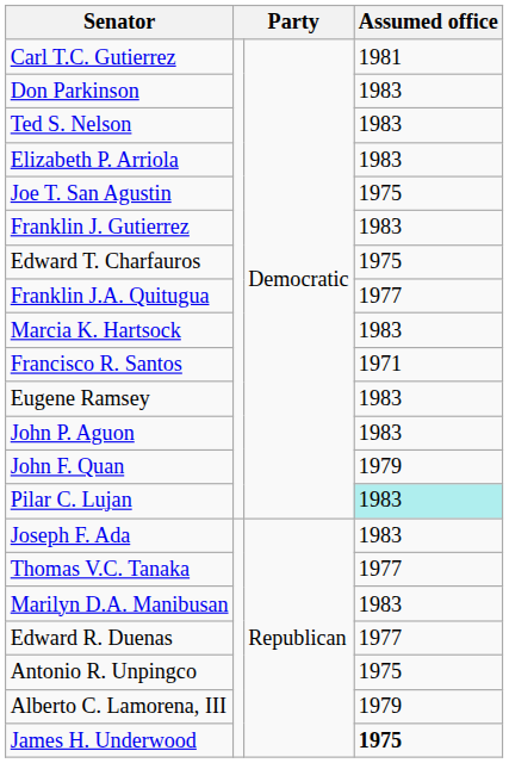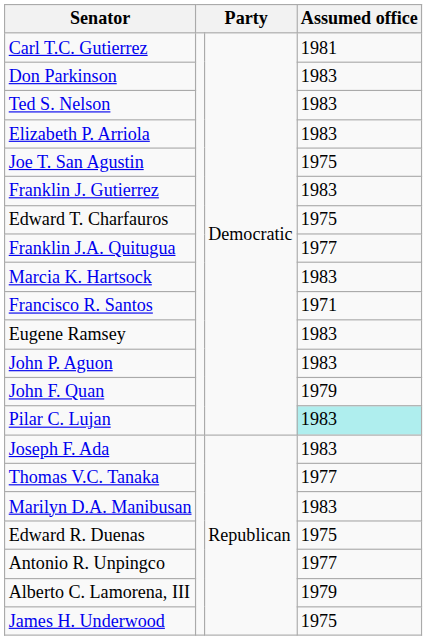 <table class="wikitable sortable" id="votingmembers">
 <tr style="vertical-align:bottom;">
 <th>Senator</th>
 <th colspan=2>Party</th>
 <th>Assumed office</th>
 </tr>
 <tr>
 <td><a href='#'>Carl T.C. Gutierrez</a></td>
 <td rowspan="14" style="background-color:"></td>
 <td rowspan="14">Democratic</td>
 <td>1981</td>
 </tr>
 <tr>
 <td><a href='#'>Don Parkinson</a></td>
 <td>1983</td>
 </tr>
 <tr>
 <td><a href='#'>Ted S. Nelson</a></td>
 <td>1983</td>
 </tr>
 <tr>
 <td><a href='#'>Elizabeth P. Arriola</a></td>
 <td>1983</td>
 </tr>
 <tr>
 <td><a href='#'>Joe T. San Agustin</a></td>
 <td>1975</td>
 </tr>
 <tr>
 <td><a href='#'>Franklin J. Gutierrez</a></td>
 <td>1983</td>
 </tr>
 <tr>
 <td>Edward T. Charfauros</td>
 <td>1975</td>
 </tr>
 <tr>
 <td><a href='#'>Franklin J.A. Quitugua</a></td>
 <td>1977</td>
 </tr>
 <tr>
 <td><a href='#'>Marcia K. Hartsock</a></td>
 <td>1983</td>
 </tr>
 <tr>
 <td><a href='#'>Francisco R. Santos</a></td>
 <td>1971</td>
 </tr>
 <tr>
 <td>Eugene Ramsey</td>
 <td>1983</td>
 </tr>
 <tr>
 <td><a href='#'>John P. Aguon</a></td>
 <td>1983</td>
 </tr>
 <tr>
 <td><a href='#'>John F. Quan</a></td>
 <td>1979</td>
 </tr>
 <tr>
 <td><a href='#'>Pilar C. Lujan</a></td>
 <td style="background: paleturquoise;">1983</td>
 </tr>
 <tr>
 <td><a href='#'>Joseph F. Ada</a></td>
 <td rowspan="7" style="background-color:"></td>
 <td rowspan="7">Republican</td>
 <td>1983</td>
 </tr>
 <tr>
 <td><a href='#'>Thomas V.C. Tanaka</a></td>
 <td>1977</td>
 </tr>
 <tr>
 <td><a href='#'>Marilyn D.A. Manibusan</a></td>
 <td>1983</td>
 </tr>
 <tr>
 <td>Edward R. Duenas</td>
-<td>1977</td>
+<td>1975</td>
 </tr>
 <tr>
 <td>Antonio R. Unpingco</td>
-<td>1975</td>
+<td>1977</td>
 </tr>
 <tr>
 <td>Alberto C. Lamorena, III</td>
 <td>1979</td>
 </tr>
 <tr>
 <td><a href='#'>James H. Underwood</a></td>
-<td><strong>1975</strong></td>
+<td>1975</td>
 </tr>
 </table>
